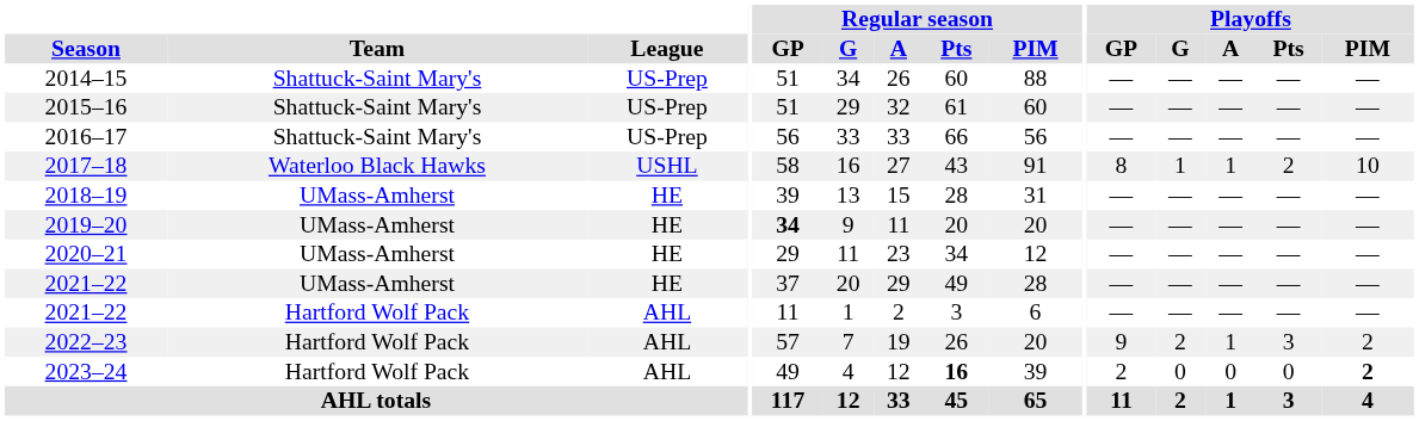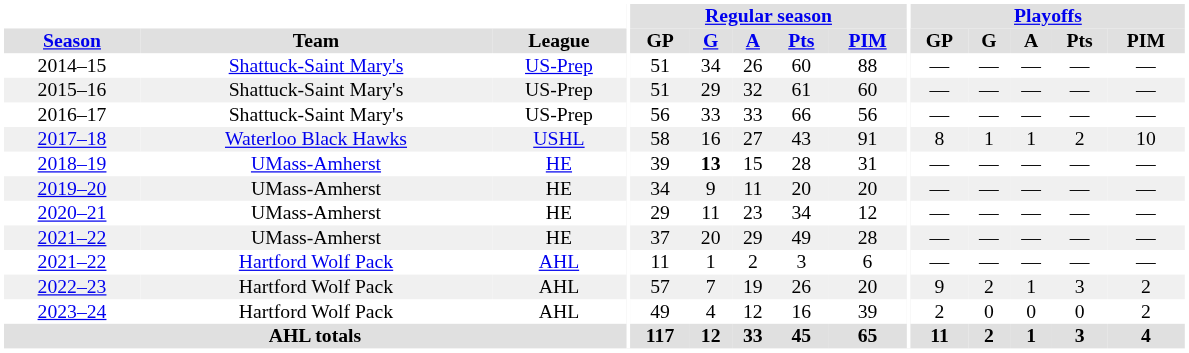 <table border="0" cellpadding="1" cellspacing="0" style="text-align:center; width:60em;">
 <tr bgcolor="e0e0e0">
 <th colspan="3" bgcolor="ffffff"></th>
 <th rowspan="99" bgcolor="ffffff"></th>
 <th colspan="5"><a href='#'>Regular season</a></th>
 <th rowspan="99" bgcolor="ffffff"></th>
 <th colspan="5"><a href='#'>Playoffs</a></th>
 </tr>
 <tr bgcolor="e0e0e0">
 <th><a href='#'>Season</a></th>
 <th>Team</th>
 <th>League</th>
 <th>GP</th>
 <th><a href='#'>G</a></th>
 <th><a href='#'>A</a></th>
 <th><a href='#'>Pts</a></th>
 <th><a href='#'>PIM</a></th>
 <th>GP</th>
 <th>G</th>
 <th>A</th>
 <th>Pts</th>
 <th>PIM</th>
 </tr>
 <tr>
 <td>2014–15</td>
 <td><a href='#'>Shattuck-Saint Mary's</a></td>
 <td><a href='#'>US-Prep</a></td>
 <td>51</td>
 <td>34</td>
 <td>26</td>
 <td>60</td>
 <td>88</td>
 <td>—</td>
 <td>—</td>
 <td>—</td>
 <td>—</td>
 <td>—</td>
 </tr>
 <tr bgcolor="f0f0f0">
 <td>2015–16</td>
 <td>Shattuck-Saint Mary's</td>
 <td>US-Prep</td>
 <td>51</td>
 <td>29</td>
 <td>32</td>
 <td>61</td>
 <td>60</td>
 <td>—</td>
 <td>—</td>
 <td>—</td>
 <td>—</td>
 <td>—</td>
 </tr>
 <tr>
 <td>2016–17</td>
 <td>Shattuck-Saint Mary's</td>
 <td>US-Prep</td>
 <td>56</td>
 <td>33</td>
 <td>33</td>
 <td>66</td>
 <td>56</td>
 <td>—</td>
 <td>—</td>
 <td>—</td>
 <td>—</td>
 <td>—</td>
 </tr>
 <tr bgcolor="f0f0f0">
 <td><a href='#'>2017–18</a></td>
 <td><a href='#'>Waterloo Black Hawks</a></td>
 <td><a href='#'>USHL</a></td>
 <td>58</td>
 <td>16</td>
 <td>27</td>
 <td>43</td>
 <td>91</td>
 <td>8</td>
 <td>1</td>
 <td>1</td>
 <td>2</td>
 <td>10</td>
 </tr>
 <tr>
 <td><a href='#'>2018–19</a></td>
 <td><a href='#'>UMass-Amherst</a></td>
 <td><a href='#'>HE</a></td>
 <td>39</td>
-<td>13</td>
+<td><strong>13</strong></td>
 <td>15</td>
 <td>28</td>
 <td>31</td>
 <td>—</td>
 <td>—</td>
 <td>—</td>
 <td>—</td>
 <td>—</td>
 </tr>
 <tr bgcolor="f0f0f0">
 <td><a href='#'>2019–20</a></td>
 <td>UMass-Amherst</td>
 <td>HE</td>
-<td><strong>34</strong></td>
+<td>34</td>
 <td>9</td>
 <td>11</td>
 <td>20</td>
 <td>20</td>
 <td>—</td>
 <td>—</td>
 <td>—</td>
 <td>—</td>
 <td>—</td>
 </tr>
 <tr>
 <td><a href='#'>2020–21</a></td>
 <td>UMass-Amherst</td>
 <td>HE</td>
 <td>29</td>
 <td>11</td>
 <td>23</td>
 <td>34</td>
 <td>12</td>
 <td>—</td>
 <td>—</td>
 <td>—</td>
 <td>—</td>
 <td>—</td>
 </tr>
 <tr bgcolor="f0f0f0">
 <td><a href='#'>2021–22</a></td>
 <td>UMass-Amherst</td>
 <td>HE</td>
 <td>37</td>
 <td>20</td>
 <td>29</td>
 <td>49</td>
 <td>28</td>
 <td>—</td>
 <td>—</td>
 <td>—</td>
 <td>—</td>
 <td>—</td>
 </tr>
 <tr>
 <td><a href='#'>2021–22</a></td>
 <td><a href='#'>Hartford Wolf Pack</a></td>
 <td><a href='#'>AHL</a></td>
 <td>11</td>
 <td>1</td>
 <td>2</td>
 <td>3</td>
 <td>6</td>
 <td>—</td>
 <td>—</td>
 <td>—</td>
 <td>—</td>
 <td>—</td>
 </tr>
 <tr bgcolor="f0f0f0">
 <td><a href='#'>2022–23</a></td>
 <td>Hartford Wolf Pack</td>
 <td>AHL</td>
 <td>57</td>
 <td>7</td>
 <td>19</td>
 <td>26</td>
 <td>20</td>
 <td>9</td>
 <td>2</td>
 <td>1</td>
 <td>3</td>
 <td>2</td>
 </tr>
 <tr>
 <td><a href='#'>2023–24</a></td>
 <td>Hartford Wolf Pack</td>
 <td>AHL</td>
 <td>49</td>
 <td>4</td>
 <td>12</td>
-<td><strong>16</strong></td>
+<td>16</td>
 <td>39</td>
 <td>2</td>
 <td>0</td>
 <td>0</td>
 <td>0</td>
-<td><strong>2</strong></td>
+<td>2</td>
 </tr>
 <tr bgcolor="e0e0e0">
 <th colspan="3">AHL totals</th>
 <th>117</th>
 <th>12</th>
 <th>33</th>
 <th>45</th>
 <th>65</th>
 <th>11</th>
 <th>2</th>
 <th>1</th>
 <th>3</th>
 <th>4</th>
 </tr>
 </table>
